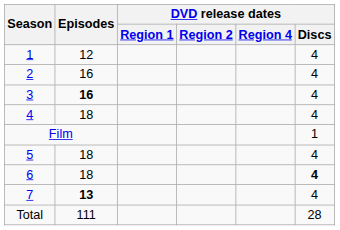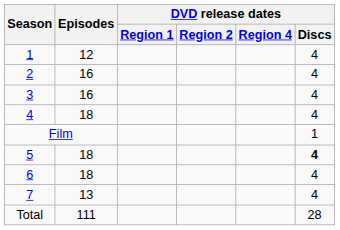 <table class="wikitable plainrowheaders" style="text-align: center;">
 <tr>
 <th scope="col" rowspan="2">Season</th>
 <th scope="col" rowspan="2">Episodes</th>
 <th scope="col" colspan="4"><a href='#'>DVD</a> release dates</th>
 </tr>
 <tr>
 <th scope="col"><a href='#'>Region 1</a></th>
 <th scope="col"><a href='#'>Region 2</a></th>
 <th scope="col"><a href='#'>Region 4</a></th>
 <th scope="col">Discs</th>
 </tr>
 <tr>
 <td scope="row"><a href='#'>1</a></td>
 <td>12</td>
 <td></td>
 <td></td>
 <td></td>
 <td>4</td>
 </tr>
 <tr>
 <td scope="row"><a href='#'>2</a></td>
 <td>16</td>
 <td></td>
 <td></td>
 <td></td>
 <td>4</td>
 </tr>
 <tr>
 <td scope="row"><a href='#'>3</a></td>
-<td><strong>16</strong></td>
+<td>16</td>
 <td></td>
 <td></td>
 <td></td>
 <td>4</td>
 </tr>
 <tr>
 <td scope="row"><a href='#'>4</a></td>
 <td>18</td>
 <td></td>
 <td></td>
 <td></td>
 <td>4</td>
 </tr>
 <tr>
 <td colspan="2"><a href='#'>Film</a></td>
 <td></td>
 <td></td>
 <td></td>
 <td>1</td>
 </tr>
 <tr>
 <td scope="row"><a href='#'>5</a></td>
 <td>18</td>
 <td></td>
 <td></td>
 <td></td>
-<td>4</td>
+<td><strong>4</strong></td>
 </tr>
 <tr>
 <td scope="row"><a href='#'>6</a></td>
 <td>18</td>
 <td></td>
 <td></td>
 <td></td>
-<td><strong>4</strong></td>
+<td>4</td>
 </tr>
 <tr>
 <td scope="row"><a href='#'>7</a></td>
-<td><strong>13</strong></td>
+<td>13</td>
 <td></td>
 <td></td>
 <td></td>
 <td>4</td>
 </tr>
 <tr>
 <td scope="row">Total</td>
 <td>111</td>
 <td></td>
 <td></td>
 <td></td>
 <td>28</td>
 </tr>
 </table>
